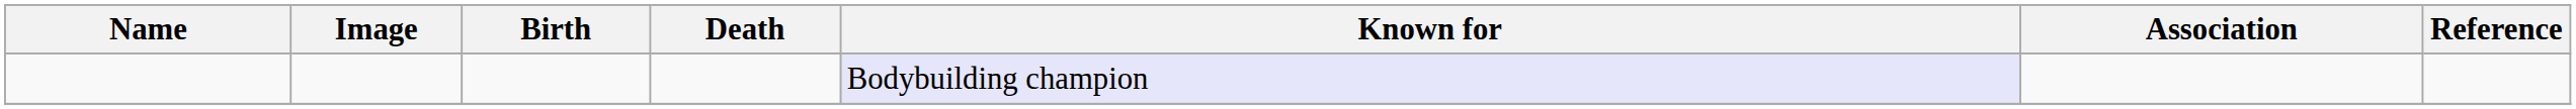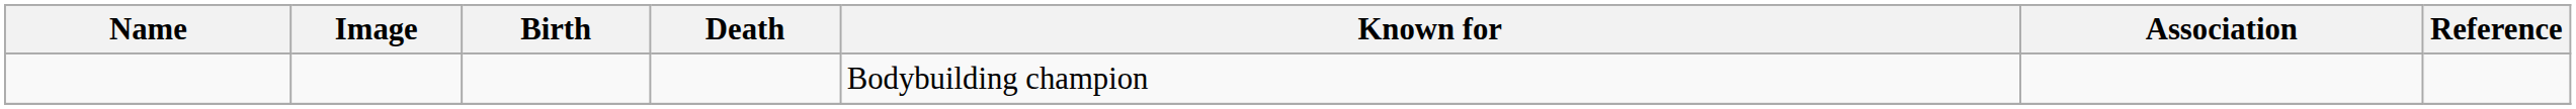 <table class="wikitable sortable">
 <tr>
 <th scope="col" width="140">Name</th>
 <th scope="col" width="80" class="unsortable">Image</th>
 <th scope="col" width="90">Birth</th>
 <th scope="col" width="90">Death</th>
 <th scope="col" width="600" class="unsortable">Known for</th>
 <th scope="col" width="200" class="unsortable">Association</th>
 <th scope="col" width="30" class="unsortable">Reference</th>
 </tr>
 <tr>
 <td></td>
 <td></td>
 <td align=right></td>
 <td align=right></td>
-<td style="background: lavender;">Bodybuilding champion</td>
+<td>Bodybuilding champion</td>
 <td></td>
 <td align="center"></td>
 </tr>
 <tr>
 </tr>
 </table>
